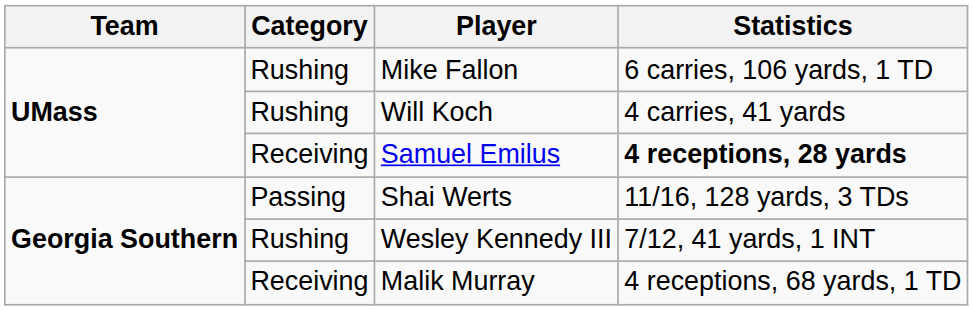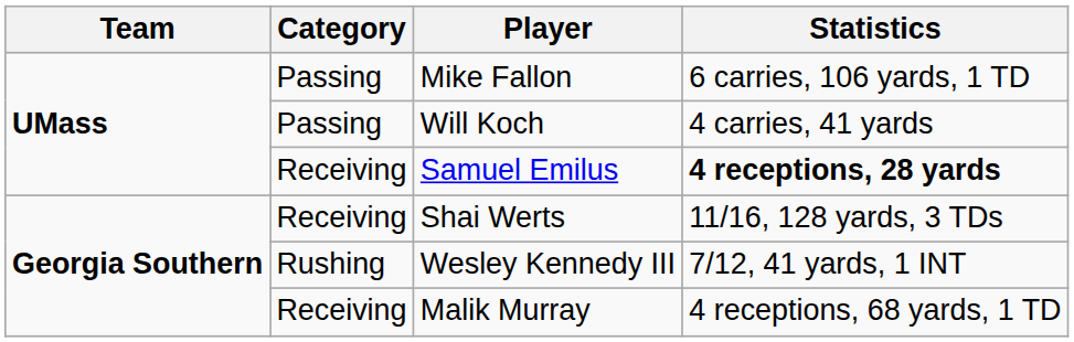 <table class="wikitable" style="float: left;">
 <tr>
 <th>Team</th>
 <th>Category</th>
 <th>Player</th>
 <th>Statistics</th>
 </tr>
 <tr>
 <td rowspan=3><strong>UMass</strong></td>
-<td>Rushing</td>
+<td>Passing</td>
 <td>Mike Fallon</td>
 <td>6 carries, 106 yards, 1 TD</td>
 </tr>
 <tr>
-<td>Rushing</td>
+<td>Passing</td>
 <td>Will Koch</td>
 <td>4 carries, 41 yards</td>
 </tr>
 <tr>
 <td>Receiving</td>
 <td><a href='#'>Samuel Emilus</a></td>
 <td><strong>4 receptions, 28 yards</strong></td>
 </tr>
 <tr>
 <td rowspan=3><strong>Georgia Southern</strong></td>
-<td>Passing</td>
+<td>Receiving</td>
 <td>Shai Werts</td>
 <td>11/16, 128 yards, 3 TDs</td>
 </tr>
 <tr>
 <td>Rushing</td>
 <td>Wesley Kennedy III</td>
 <td>7/12, 41 yards, 1 INT</td>
 </tr>
 <tr>
 <td>Receiving</td>
 <td>Malik Murray</td>
 <td>4 receptions, 68 yards, 1 TD</td>
 </tr>
 </table>
